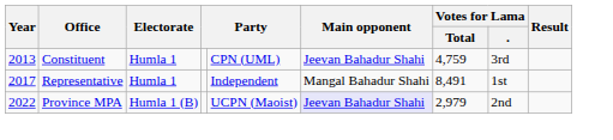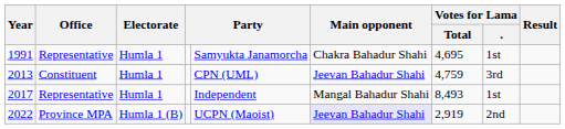 <table class="wikitable">
 <tr>
 <th rowspan="2">Year</th>
 <th rowspan="2">Office</th>
 <th rowspan="2">Electorate</th>
 <th colspan="2" rowspan="2">Party</th>
 <th rowspan="2">Main opponent</th>
 <th colspan="2">Votes for Lama</th>
 <th rowspan="2">Result</th>
 </tr>
 <tr>
 <th>Total</th>
 <th>.</th>
+</tr>
+<tr>
+<td><a href='#'>1991</a></td>
+<td><a href='#'>Representative</a></td>
+<td><a href='#'>Humla 1</a></td>
+<td></td>
+<td><a href='#'>Samyukta Janamorcha</a></td>
+<td>Chakra Bahadur Shahi</td>
+<td>4,695</td>
+<td>1st</td>
+<td></td>
 </tr>
 <tr>
 <td><a href='#'>2013</a></td>
 <td><a href='#'>Constituent</a></td>
 <td><a href='#'>Humla 1</a></td>
 <td></td>
 <td><a href='#'>CPN (UML)</a></td>
 <td><a href='#'>Jeevan Bahadur Shahi</a></td>
 <td>4,759</td>
 <td>3rd</td>
 <td></td>
 </tr>
 <tr>
 <td><a href='#'>2017</a></td>
 <td><a href='#'>Representative</a></td>
 <td><a href='#'>Humla 1</a></td>
 <td></td>
 <td><a href='#'>Independent</a></td>
 <td>Mangal Bahadur Shahi</td>
-<td>8,491</td>
+<td>8,493</td>
 <td>1st</td>
 <td></td>
 </tr>
 <tr>
 <td><a href='#'>2022</a></td>
 <td><a href='#'>Province MPA</a></td>
 <td><a href='#'>Humla 1 (B)</a></td>
 <td></td>
 <td><a href='#'>UCPN (Maoist)</a></td>
 <td style="background: lavender;"><a href='#'>Jeevan Bahadur Shahi</a></td>
-<td>2,979</td>
+<td>2,919</td>
 <td>2nd</td>
 <td></td>
 </tr>
 </table>
